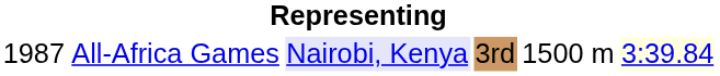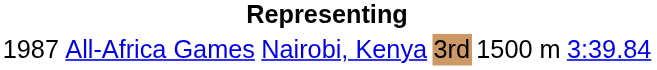 <table>
 <tr>
 <th colspan="6">Representing </th>
 </tr>
 <tr>
 <td>1987</td>
 <td><a href='#'>All-Africa Games</a></td>
-<td style="background: lavender;"><a href='#'>Nairobi, Kenya</a></td>
+<td><a href='#'>Nairobi, Kenya</a></td>
 <td bgcolor=cc9966>3rd</td>
 <td>1500 m</td>
-<td style="background: lightyellow;"><a href='#'>3:39.84</a></td>
+<td><a href='#'>3:39.84</a></td>
 </tr>
 </table>
